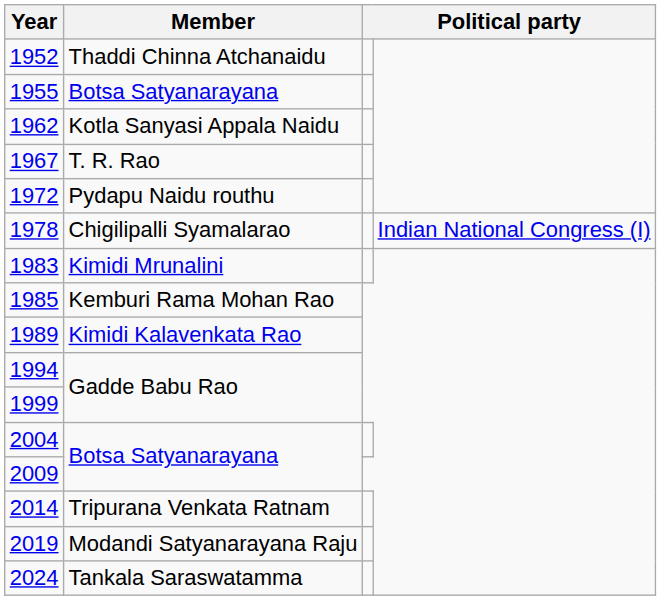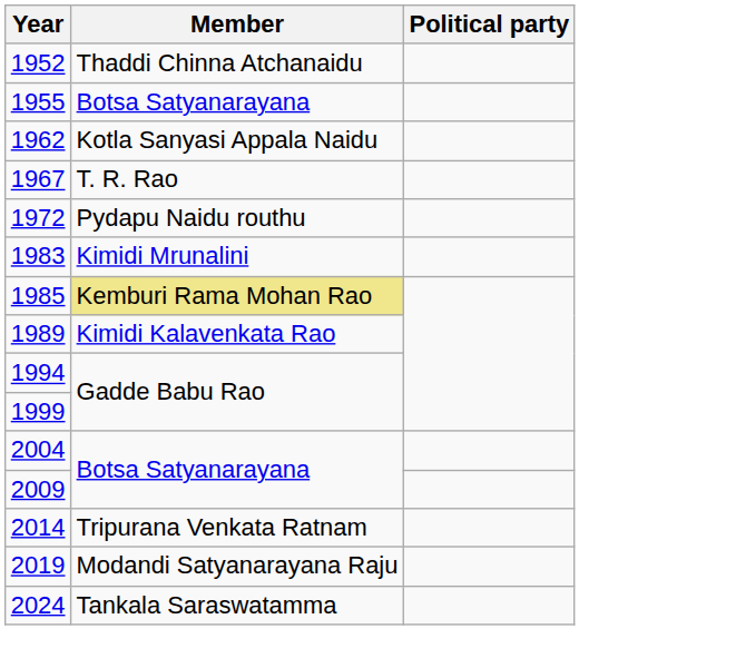 <table class="wikitable sortable">
 <tr>
 <th>Year</th>
 <th>Member</th>
 <th colspan="2">Political party</th>
 </tr>
 <tr>
 <td><a href='#'>1952</a></td>
 <td>Thaddi Chinna Atchanaidu</td>
 <td></td>
 </tr>
 <tr>
 <td><a href='#'>1955</a></td>
 <td><a href='#'>Botsa Satyanarayana</a></td>
 <td></td>
 </tr>
 <tr>
 <td><a href='#'>1962</a></td>
 <td>Kotla Sanyasi Appala Naidu</td>
 <td></td>
 </tr>
 <tr>
 <td><a href='#'>1967</a></td>
 <td>T. R. Rao</td>
 <td></td>
 </tr>
 <tr>
 <td><a href='#'>1972</a></td>
 <td>Pydapu Naidu routhu</td>
 <td></td>
 </tr>
 <tr>
-<td><a href='#'>1978</a></td>
-<td>Chigilipalli Syamalarao</td>
-<td style="background-color: "></td>
-<td><a href='#'>Indian National Congress (I)</a></td>
-</tr>
-<tr>
 <td><a href='#'>1983</a></td>
 <td><a href='#'>Kimidi Mrunalini</a></td>
 <td></td>
 </tr>
 <tr>
 <td><a href='#'>1985</a></td>
-<td>Kemburi Rama Mohan Rao</td>
+<td style="background: khaki;">Kemburi Rama Mohan Rao</td>
 </tr>
 <tr>
 <td><a href='#'>1989</a></td>
 <td><a href='#'>Kimidi Kalavenkata Rao</a></td>
 </tr>
 <tr>
 <td><a href='#'>1994</a></td>
 <td rowspan=2>Gadde Babu Rao</td>
 </tr>
 <tr>
 <td><a href='#'>1999</a></td>
 </tr>
 <tr>
 <td><a href='#'>2004</a></td>
 <td rowspan=2><a href='#'>Botsa Satyanarayana</a></td>
 <td></td>
 </tr>
 <tr>
 <td><a href='#'>2009</a></td>
 </tr>
 <tr>
 <td><a href='#'>2014</a></td>
 <td>Tripurana Venkata Ratnam</td>
 <td></td>
 </tr>
 <tr>
 <td><a href='#'>2019</a></td>
 <td>Modandi Satyanarayana Raju</td>
 <td></td>
 </tr>
 <tr>
 <td><a href='#'>2024</a></td>
 <td>Tankala Saraswatamma</td>
 <td></td>
 </tr>
 </table>
